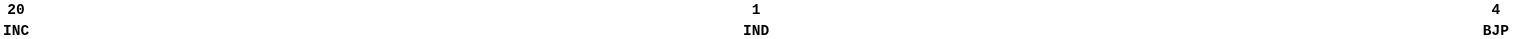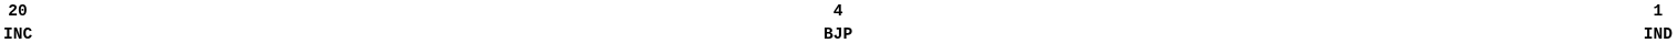 <table style="width:100%; text-align:center;">
 <tr>
 <td style="background:"><strong>20</strong></td>
+<td style="background:"><strong>4</strong></td>
 <td style="background:"><strong>1</strong></td>
-<td style="background:"><strong>4</strong></td>
 </tr>
 <tr>
 <td><span><strong>INC</strong></span></td>
+<td><span><strong>BJP</strong></span></td>
 <td><span><strong>IND</strong></span></td>
-<td><span><strong>BJP</strong></span></td>
 </tr>
 </table>
